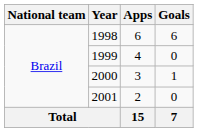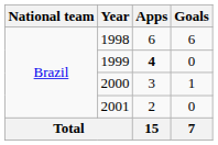 <table class="wikitable" style="text-align:center">
 <tr>
 <th>National team</th>
 <th>Year</th>
 <th>Apps</th>
 <th>Goals</th>
 </tr>
 <tr>
 <td rowspan="4"><a href='#'>Brazil</a></td>
 <td>1998</td>
 <td>6</td>
 <td>6</td>
 </tr>
 <tr>
 <td>1999</td>
-<td>4</td>
+<td><strong>4</strong></td>
 <td>0</td>
 </tr>
 <tr>
 <td>2000</td>
 <td>3</td>
 <td>1</td>
 </tr>
 <tr>
 <td>2001</td>
 <td>2</td>
 <td>0</td>
 </tr>
 <tr>
 <th colspan="2">Total</th>
 <th>15</th>
 <th>7</th>
 </tr>
 </table>
